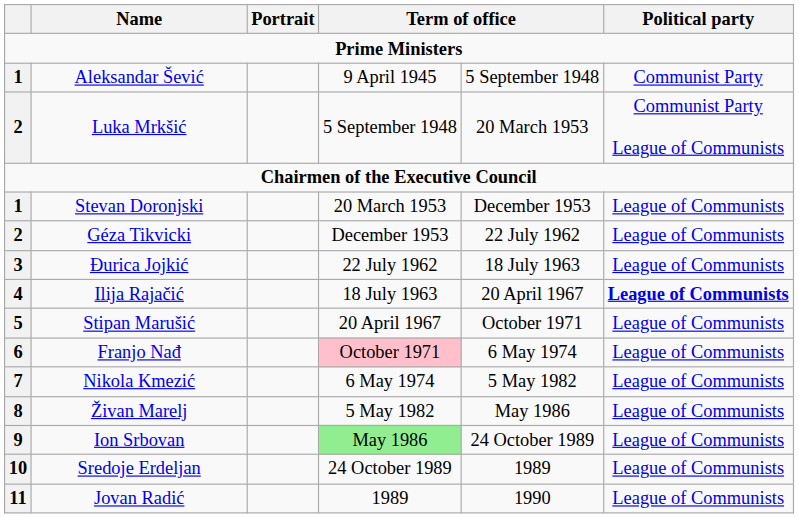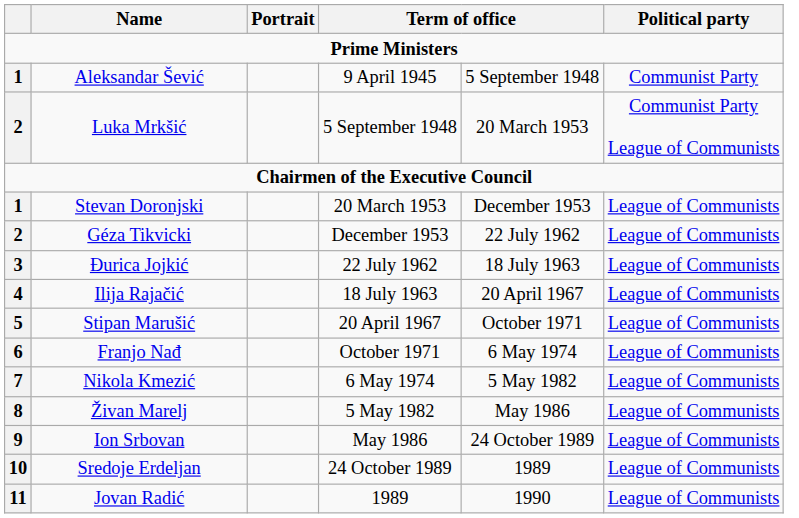 <table class="wikitable" style="text-align:center">
 <tr>
 <th></th>
 <th width=180>Name<br></th>
 <th>Portrait</th>
 <th colspan=2>Term of office</th>
 <th>Political party</th>
 </tr>
 <tr>
 <td align="center" colspan="7"><strong>Prime Ministers</strong><br></td>
 </tr>
 <tr>
 <th style="background:">1</th>
 <td><a href='#'>Aleksandar Šević</a><br></td>
 <td></td>
 <td>9 April 1945</td>
 <td>5 September 1948</td>
 <td><a href='#'>Communist Party</a></td>
 </tr>
 <tr>
 <th style="background:">2</th>
 <td><a href='#'>Luka Mrkšić</a><br></td>
 <td></td>
 <td>5 September 1948</td>
 <td>20 March 1953</td>
 <td><a href='#'>Communist Party</a><br><br><a href='#'>League of Communists</a></td>
 </tr>
 <tr>
 <td align="center" colspan="7"><strong>Chairmen of the Executive Council</strong><br></td>
 </tr>
 <tr>
 <th style="background:">1</th>
 <td><a href='#'>Stevan Doronjski</a><br></td>
 <td></td>
 <td>20 March 1953</td>
 <td>December 1953</td>
 <td><a href='#'>League of Communists</a></td>
 </tr>
 <tr>
 <th style="background:">2</th>
 <td><a href='#'>Géza Tikvicki</a><br></td>
 <td></td>
 <td>December 1953</td>
 <td>22 July 1962</td>
 <td><a href='#'>League of Communists</a></td>
 </tr>
 <tr>
 <th style="background:">3</th>
 <td><a href='#'>Đurica Jojkić</a><br></td>
 <td></td>
 <td>22 July 1962</td>
 <td>18 July 1963</td>
 <td><a href='#'>League of Communists</a></td>
 </tr>
 <tr>
 <th style="background:">4</th>
 <td><a href='#'>Ilija Rajačić</a><br></td>
 <td></td>
 <td>18 July 1963</td>
 <td>20 April 1967</td>
-<td><strong><a href='#'>League of Communists</a></strong></td>
+<td><a href='#'>League of Communists</a></td>
 </tr>
 <tr>
 <th style="background:">5</th>
 <td><a href='#'>Stipan Marušić</a><br></td>
 <td></td>
 <td>20 April 1967</td>
 <td>October 1971</td>
 <td><a href='#'>League of Communists</a></td>
 </tr>
 <tr>
 <th style="background:">6</th>
 <td><a href='#'>Franjo Nađ</a><br></td>
 <td></td>
-<td style="background: pink;">October 1971</td>
+<td>October 1971</td>
 <td>6 May 1974</td>
 <td><a href='#'>League of Communists</a></td>
 </tr>
 <tr>
 <th style="background:">7</th>
 <td><a href='#'>Nikola Kmezić</a><br></td>
 <td></td>
 <td>6 May 1974</td>
 <td>5 May 1982</td>
 <td><a href='#'>League of Communists</a></td>
 </tr>
 <tr>
 <th style="background:">8</th>
 <td><a href='#'>Živan Marelj</a><br></td>
 <td></td>
 <td>5 May 1982</td>
 <td>May 1986</td>
 <td><a href='#'>League of Communists</a></td>
 </tr>
 <tr>
 <th style="background:">9</th>
 <td><a href='#'>Ion Srbovan</a><br></td>
 <td></td>
-<td style="background: lightgreen;">May 1986</td>
+<td>May 1986</td>
 <td>24 October 1989</td>
 <td><a href='#'>League of Communists</a></td>
 </tr>
 <tr>
 <th style="background:">10</th>
 <td><a href='#'>Sredoje Erdeljan</a><br></td>
 <td></td>
 <td>24 October 1989</td>
 <td>1989</td>
 <td><a href='#'>League of Communists</a></td>
 </tr>
 <tr>
 <th style="background:">11</th>
 <td><a href='#'>Jovan Radić</a><br></td>
 <td></td>
 <td>1989</td>
 <td>1990</td>
 <td><a href='#'>League of Communists</a></td>
 </tr>
 </table>
